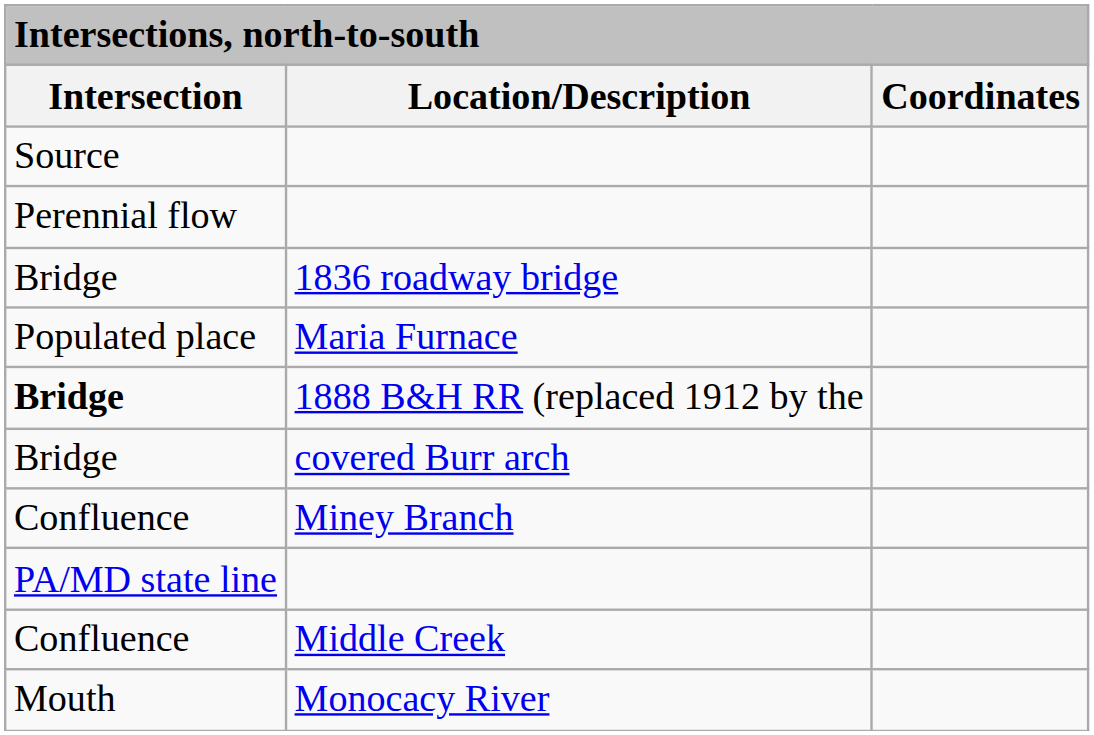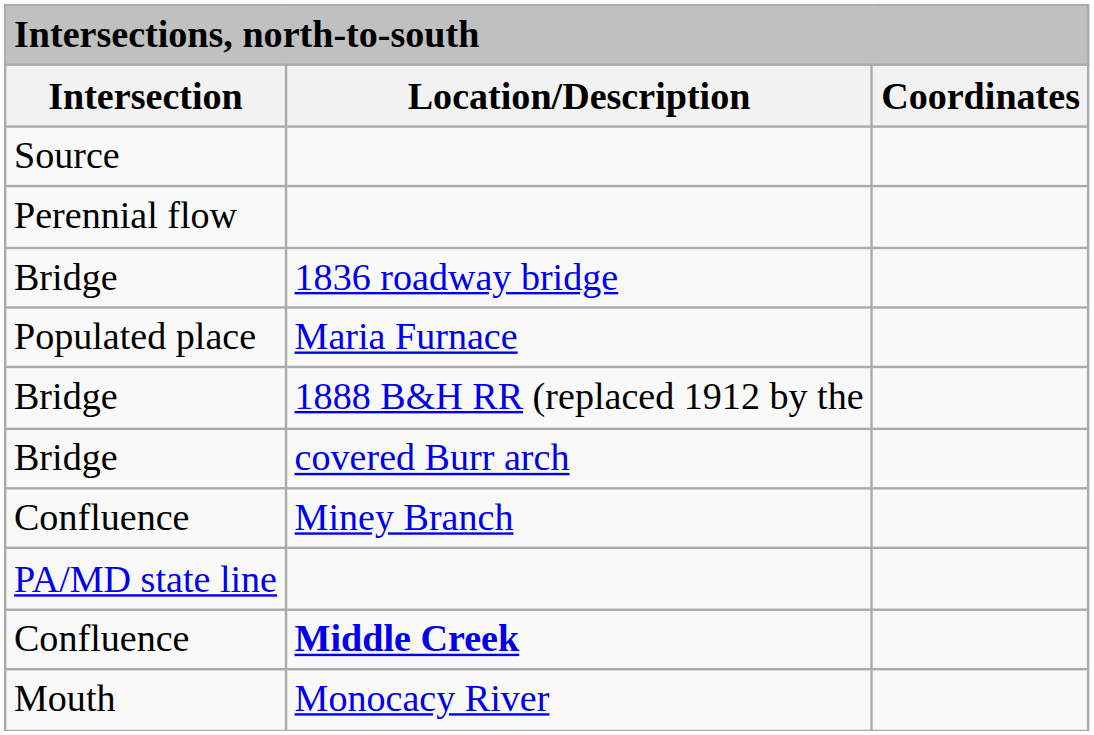 <table class="wikitable">
 <tr>
 <td colspan="6" bgcolor="silver"><strong>Intersections, north-to-south</strong></td>
 </tr>
 <tr>
 <th>Intersection</th>
 <th>Location/Description</th>
 <th>Coordinates</th>
 </tr>
 <tr>
 <td>Source</td>
 <td></td>
 <td></td>
 </tr>
 <tr>
 <td>Perennial flow</td>
 <td></td>
 <td align=center><small></small></td>
 </tr>
 <tr>
 <td>Bridge</td>
 <td><a href='#'>1836 roadway bridge</a></td>
 <td></td>
 </tr>
 <tr>
 <td>Populated place</td>
 <td><a href='#'>Maria Furnace</a></td>
 <td></td>
 </tr>
 <tr>
-<td><strong>Bridge</strong></td>
+<td>Bridge</td>
 <td><a href='#'>1888 B&H RR</a> (replaced 1912 by the </td>
 <td align=center><small></small></td>
 </tr>
 <tr>
 <td>Bridge</td>
 <td><a href='#'>covered Burr arch</a></td>
 <td><small></small></td>
 </tr>
 <tr>
 <td>Confluence</td>
 <td><a href='#'>Miney Branch</a></td>
 <td align=left><small></small></td>
 </tr>
 <tr>
 <td><a href='#'>PA/MD state line</a></td>
 <td></td>
 <td></td>
 </tr>
 <tr>
 <td>Confluence</td>
-<td><a href='#'>Middle Creek</a></td>
+<td><strong><a href='#'>Middle Creek</a></strong></td>
 <td align=right></td>
 </tr>
 <tr>
 <td>Mouth</td>
 <td><a href='#'>Monocacy River</a></td>
 <td align=center></td>
 </tr>
 <tr>
 </tr>
 </table>
